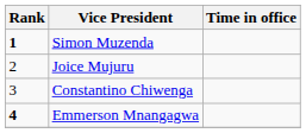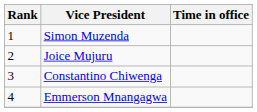 <table class="wikitable sortable">
 <tr>
 <th>Rank</th>
 <th>Vice President</th>
 <th>Time in office</th>
 </tr>
 <tr>
-<td><strong>1</strong></td>
+<td>1</td>
 <td><a href='#'>Simon Muzenda</a></td>
 <td></td>
 </tr>
 <tr>
 <td>2</td>
 <td><a href='#'>Joice Mujuru</a></td>
 <td></td>
 </tr>
 <tr>
 <td>3</td>
 <td><a href='#'>Constantino Chiwenga</a></td>
 <td></td>
 </tr>
 <tr>
-<td><strong>4</strong></td>
+<td>4</td>
 <td><a href='#'>Emmerson Mnangagwa</a></td>
 <td></td>
 </tr>
 <tr>
 </tr>
 </table>
